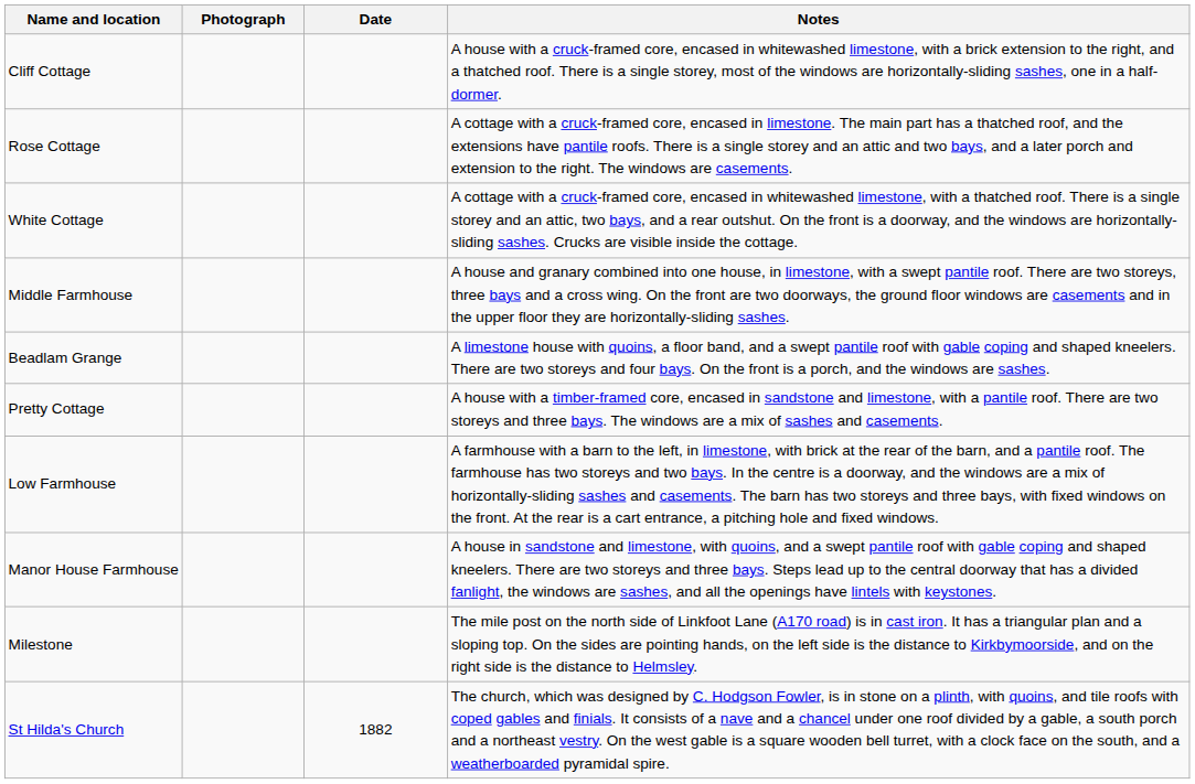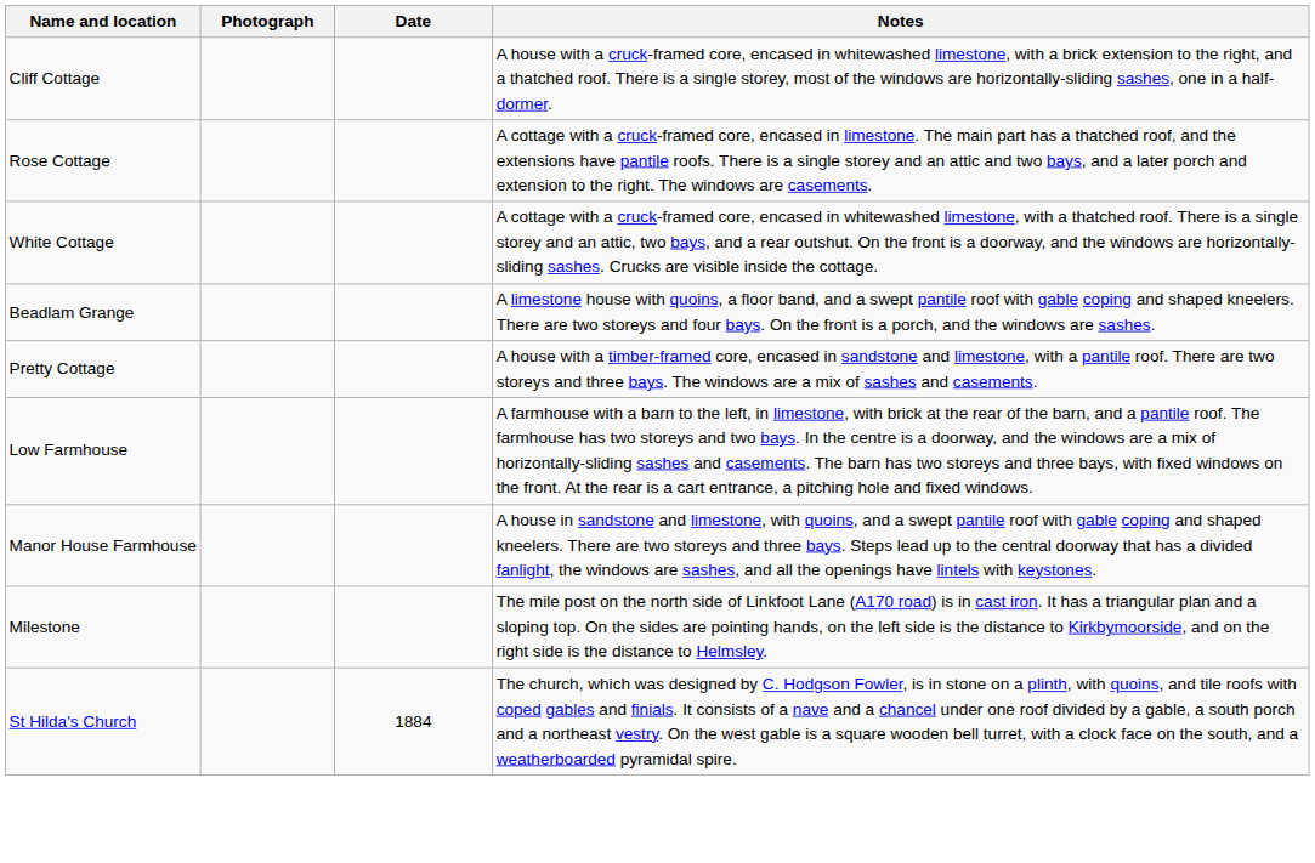 <table class="wikitable sortable plainrowheaders" style="width:100%;border:0px;text-align:left;line-height:150%;">
 <tr>
 <th scope="col"  style="width:150px">Name and location</th>
 <th scope="col"  style="width:100px" class="unsortable">Photograph</th>
 <th scope="col"  style="width:120px">Date</th>
 <th scope="col"  style="width:650px" class="unsortable">Notes</th>
 </tr>
 <tr>
 <td>Cliff Cottage<br><small></small></td>
 <td></td>
 <td align="center"></td>
 <td>A house with a <a href='#'>cruck</a>-framed core, encased in whitewashed <a href='#'>limestone</a>, with a brick extension to the right, and a thatched roof.  There is a single storey, most of the windows are horizontally-sliding <a href='#'>sashes</a>, one in a half-<a href='#'>dormer</a>.</td>
 </tr>
 <tr>
 <td>Rose Cottage<br><small></small></td>
 <td></td>
 <td align="center"></td>
 <td>A cottage with a <a href='#'>cruck</a>-framed core, encased in <a href='#'>limestone</a>.  The main part has a thatched roof, and the extensions have <a href='#'>pantile</a> roofs.  There is a single storey and an attic and two <a href='#'>bays</a>, and a later porch and extension to the right.  The windows are <a href='#'>casements</a>.</td>
 </tr>
 <tr>
 <td>White Cottage<br><small></small></td>
 <td></td>
 <td align="center"></td>
 <td>A cottage with a <a href='#'>cruck</a>-framed core, encased in whitewashed <a href='#'>limestone</a>, with a thatched roof.  There is a single storey and an attic, two <a href='#'>bays</a>, and a rear outshut.  On the front is a doorway, and the windows are horizontally-sliding <a href='#'>sashes</a>.  Crucks are visible inside the cottage.</td>
-</tr>
-<tr>
-<td>Middle Farmhouse<br><small></small></td>
-<td></td>
-<td align="center"></td>
-<td>A house and granary combined into one house, in <a href='#'>limestone</a>, with a swept <a href='#'>pantile</a> roof.  There are two storeys, three <a href='#'>bays</a> and a cross wing.  On the front are two doorways, the ground floor windows are <a href='#'>casements</a> and in the upper floor they are horizontally-sliding <a href='#'>sashes</a>.</td>
 </tr>
 <tr>
 <td>Beadlam Grange<br><small></small></td>
 <td></td>
 <td align="center"></td>
 <td>A <a href='#'>limestone</a> house with <a href='#'>quoins</a>, a floor band, and a swept <a href='#'>pantile</a> roof with <a href='#'>gable</a> <a href='#'>coping</a> and shaped kneelers.  There are two storeys and four <a href='#'>bays</a>.  On the front is a porch, and the windows are <a href='#'>sashes</a>.</td>
 </tr>
 <tr>
 <td>Pretty Cottage<br><small></small></td>
 <td></td>
 <td align="center"></td>
 <td>A house with a <a href='#'>timber-framed</a> core, encased in <a href='#'>sandstone</a> and <a href='#'>limestone</a>, with a <a href='#'>pantile</a> roof.  There are two storeys and three <a href='#'>bays</a>.  The windows are a mix of <a href='#'>sashes</a> and <a href='#'>casements</a>.</td>
 </tr>
 <tr>
 <td>Low Farmhouse<br><small></small></td>
 <td></td>
 <td align="center"></td>
 <td>A farmhouse with a barn to the left, in <a href='#'>limestone</a>, with brick at the rear of the barn, and a <a href='#'>pantile</a> roof.  The farmhouse has two storeys and two <a href='#'>bays</a>.  In the centre is a doorway, and the windows are a mix of horizontally-sliding <a href='#'>sashes</a> and <a href='#'>casements</a>.  The barn has two storeys and three bays, with fixed windows on the front.  At the rear is a cart entrance, a pitching hole and fixed windows.</td>
 </tr>
 <tr>
 <td>Manor House Farmhouse<br><small></small></td>
 <td></td>
 <td align="center"></td>
 <td>A house in <a href='#'>sandstone</a> and <a href='#'>limestone</a>, with <a href='#'>quoins</a>, and a swept <a href='#'>pantile</a> roof with <a href='#'>gable</a> <a href='#'>coping</a> and shaped kneelers.  There are two storeys and three <a href='#'>bays</a>.  Steps lead up to the central doorway that has a divided <a href='#'>fanlight</a>, the windows are <a href='#'>sashes</a>, and all the openings have <a href='#'>lintels</a> with <a href='#'>keystones</a>.</td>
 </tr>
 <tr>
 <td>Milestone<br><small></small></td>
 <td></td>
 <td align="center"></td>
 <td>The mile post on the north side of Linkfoot Lane (<a href='#'>A170 road</a>) is in <a href='#'>cast iron</a>.  It has a triangular plan and a sloping top.  On the sides are pointing hands, on the left side is the distance to <a href='#'>Kirkbymoorside</a>, and on the right side is the distance to <a href='#'>Helmsley</a>.</td>
 </tr>
 <tr>
 <td><a href='#'>St Hilda's Church</a><br><small></small></td>
 <td></td>
-<td align="center">1882</td>
+<td align="center">1884</td>
 <td>The church, which was designed by <a href='#'>C. Hodgson Fowler</a>, is in stone on a <a href='#'>plinth</a>, with <a href='#'>quoins</a>, and tile roofs with <a href='#'>coped</a> <a href='#'>gables</a> and <a href='#'>finials</a>.  It consists of a <a href='#'>nave</a> and a <a href='#'>chancel</a> under one roof divided by a gable, a south porch and a northeast <a href='#'>vestry</a>.  On the west gable is a square wooden bell turret, with a clock face on the south, and a <a href='#'>weatherboarded</a> pyramidal spire.</td>
 </tr>
 <tr>
 </tr>
 </table>
